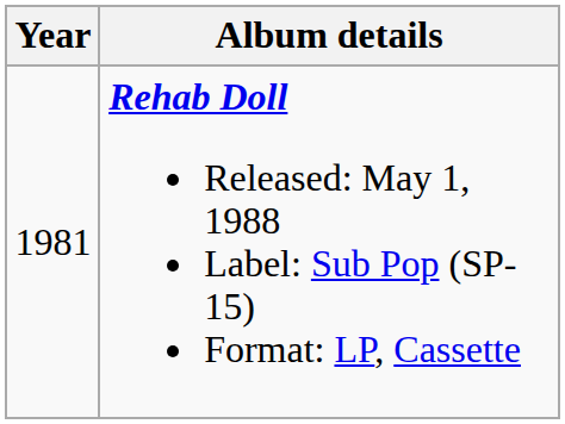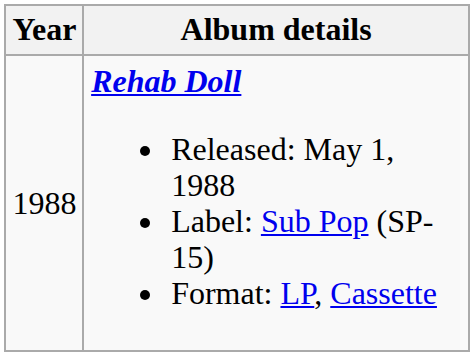 <table class ="wikitable" border="1">
 <tr>
 <th>Year</th>
 <th width="185">Album details</th>
 </tr>
 <tr>
-<td>1981</td>
+<td>1988</td>
 <td><strong><em><a href='#'>Rehab Doll</a></em></strong><br><ul><li>Released: May 1, 1988</li><li>Label: <a href='#'>Sub Pop</a> (SP-15)</li><li>Format: <a href='#'>LP</a>, <a href='#'>Cassette</a></li></ul></td>
 </tr>
 </table>
